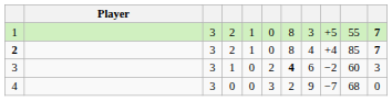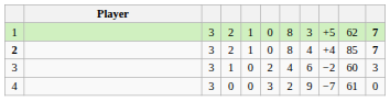 <table class="wikitable" style="text-align:center; margin: 1em auto 1em auto, align:left">
 <tr>
 <th width=20></th>
 <th width=240>Player</th>
 <th width=20></th>
 <th width=20></th>
 <th width=20></th>
 <th width=20></th>
 <th width=20></th>
 <th width=20></th>
 <th width=20></th>
 <th width=30></th>
 <th width=20></th>
 </tr>
 <tr style="background:#D0F0C0;">
 <td>1</td>
 <td align=left></td>
 <td>3</td>
 <td>2</td>
 <td>1</td>
 <td>0</td>
 <td>8</td>
 <td>3</td>
 <td>+5</td>
-<td>55</td>
+<td>62</td>
 <td><strong>7</strong></td>
 </tr>
 <tr style=>
 <td><strong>2</strong></td>
 <td align=left></td>
 <td>3</td>
 <td>2</td>
 <td>1</td>
 <td>0</td>
 <td>8</td>
 <td>4</td>
 <td>+4</td>
 <td>85</td>
 <td><strong>7</strong></td>
 </tr>
 <tr style=>
 <td>3</td>
 <td align=left></td>
 <td>3</td>
 <td>1</td>
 <td>0</td>
 <td>2</td>
-<td><strong>4</strong></td>
+<td>4</td>
 <td>6</td>
 <td>−2</td>
 <td>60</td>
 <td>3</td>
 </tr>
 <tr style=>
 <td>4</td>
 <td align=left></td>
 <td>3</td>
 <td>0</td>
 <td>0</td>
 <td>3</td>
 <td>2</td>
 <td>9</td>
 <td>−7</td>
-<td>68</td>
+<td>61</td>
 <td>0</td>
 </tr>
 </table>
